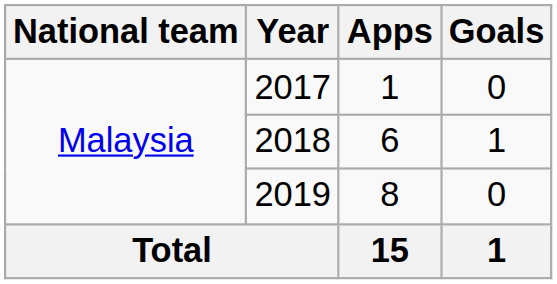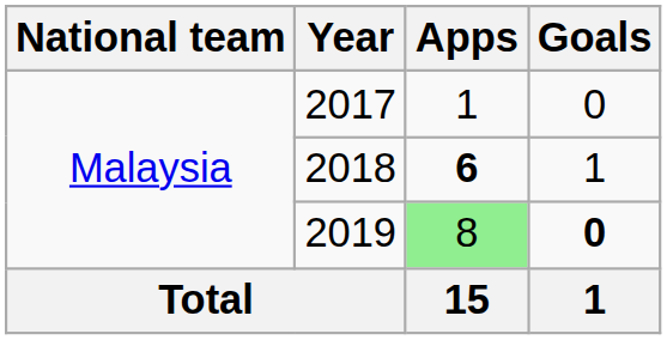 <table class=wikitable style="text-align: center;">
 <tr>
 <th>National team</th>
 <th>Year</th>
 <th>Apps</th>
 <th>Goals</th>
 </tr>
 <tr>
 <td rowspan=3><a href='#'>Malaysia</a></td>
 <td>2017</td>
 <td>1</td>
 <td>0</td>
 </tr>
 <tr>
 <td>2018</td>
-<td>6</td>
+<td><strong>6</strong></td>
 <td>1</td>
 </tr>
 <tr>
 <td>2019</td>
-<td>8</td>
-<td>0</td>
+<td style="background: lightgreen;">8</td>
+<td><strong>0</strong></td>
 </tr>
 <tr>
 <th colspan=2>Total</th>
 <th>15</th>
 <th>1</th>
 </tr>
 </table>
